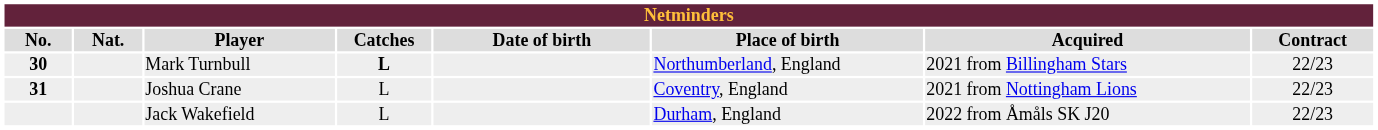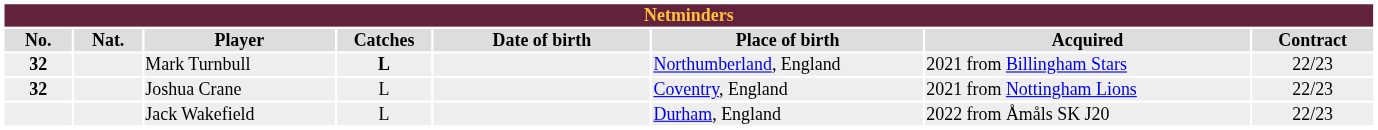 <table class="toccolours"  style="width:97%; clear:both; margin:1.5em auto; text-align:center;">
 <tr>
 <th colspan="10" style="background:#62223b; color:#ffbf3a;”">Netminders</th>
 </tr>
 <tr style="background:#ddd;">
 <th width=5%>No.</th>
 <th width=5%>Nat.</th>
 <th !width=22%>Player</th>
 <th width=7%>Catches</th>
 <th width=16%>Date of birth</th>
 <th width=20%>Place of birth</th>
 <th width=24%>Acquired</th>
 <td><strong>Contract</strong></td>
 </tr>
 <tr style="background:#eee;">
-<td><strong>30</strong></td>
+<td><strong>32</strong></td>
 <td></td>
 <td align=left>Mark Turnbull</td>
 <td><strong>L</strong></td>
 <td align=left></td>
 <td align=left><a href='#'>Northumberland</a>, England</td>
 <td align=left>2021 from <a href='#'>Billingham Stars</a></td>
 <td>22/23</td>
 </tr>
 <tr style="background:#eee;">
-<td><strong>31</strong></td>
+<td><strong>32</strong></td>
 <td></td>
 <td align=left>Joshua Crane</td>
 <td>L</td>
 <td align=left></td>
 <td align=left><a href='#'>Coventry</a>, England</td>
 <td align=left>2021 from <a href='#'>Nottingham Lions</a></td>
 <td>22/23</td>
 </tr>
 <tr style="background:#eee;">
 <td></td>
 <td></td>
 <td align=left>Jack Wakefield</td>
 <td>L</td>
 <td align=left></td>
 <td align=left><a href='#'>Durham</a>, England</td>
 <td align=left>2022 from Åmåls SK J20</td>
 <td>22/23</td>
 </tr>
 </table>
